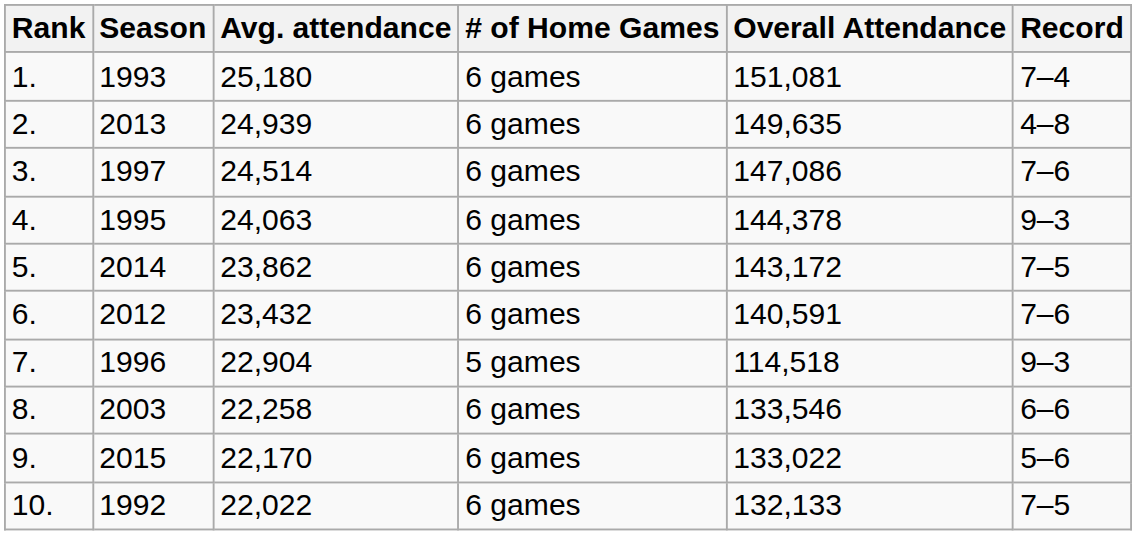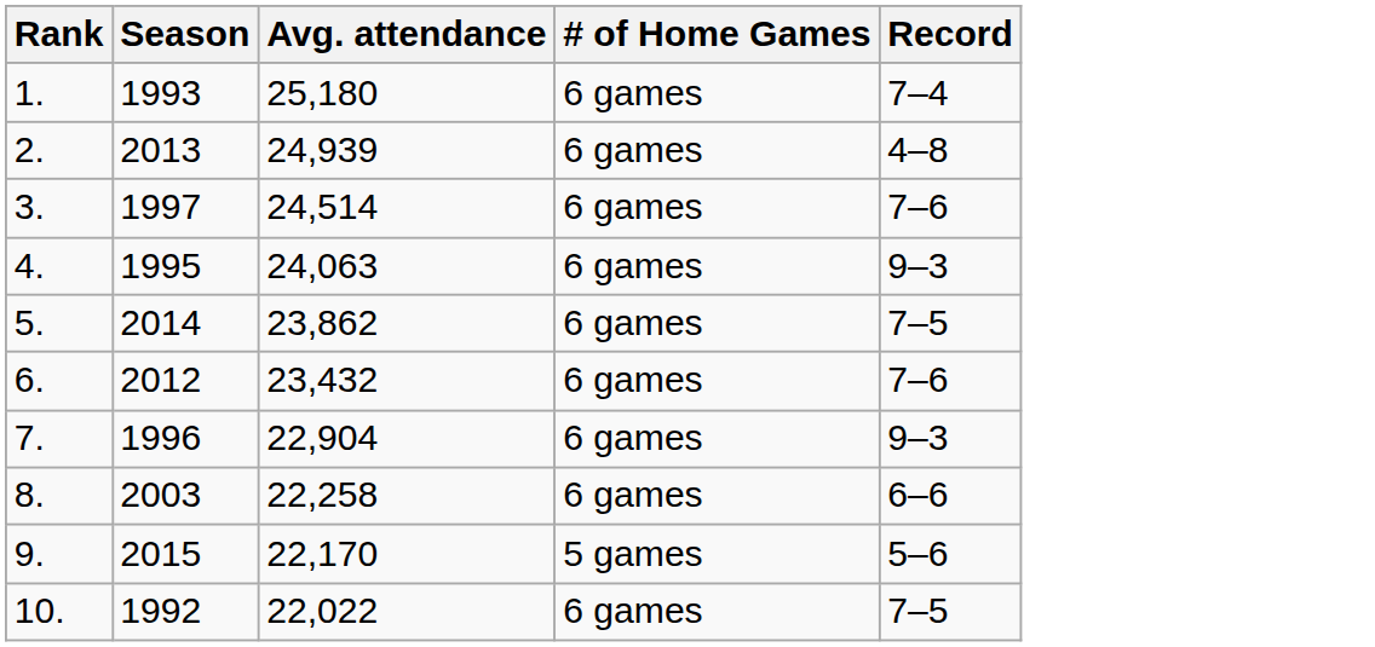 <table class="wikitable">
 <tr>
 <th>Rank</th>
 <th>Season</th>
 <th>Avg. attendance</th>
 <th># of Home Games</th>
-<th>Overall Attendance</th>
 <th>Record</th>
 </tr>
 <tr>
 <td>1.</td>
 <td>1993</td>
 <td>25,180</td>
 <td>6 games</td>
-<td>151,081</td>
 <td>7–4</td>
 </tr>
 <tr>
 <td>2.</td>
 <td>2013</td>
 <td>24,939</td>
 <td>6 games</td>
-<td>149,635</td>
 <td>4–8</td>
 </tr>
 <tr>
 <td>3.</td>
 <td>1997</td>
 <td>24,514</td>
 <td>6 games</td>
-<td>147,086</td>
 <td>7–6</td>
 </tr>
 <tr>
 <td>4.</td>
 <td>1995</td>
 <td>24,063</td>
 <td>6 games</td>
-<td>144,378</td>
 <td>9–3</td>
 </tr>
 <tr>
 <td>5.</td>
 <td>2014</td>
 <td>23,862</td>
 <td>6 games</td>
-<td>143,172</td>
 <td>7–5</td>
 </tr>
 <tr>
 <td>6.</td>
 <td>2012</td>
 <td>23,432</td>
 <td>6 games</td>
-<td>140,591</td>
 <td>7–6</td>
 </tr>
 <tr>
 <td>7.</td>
 <td>1996</td>
 <td>22,904</td>
-<td>5 games</td>
-<td>114,518</td>
+<td>6 games</td>
 <td>9–3</td>
 </tr>
 <tr>
 <td>8.</td>
 <td>2003</td>
 <td>22,258</td>
 <td>6 games</td>
-<td>133,546</td>
 <td>6–6</td>
 </tr>
 <tr>
 <td>9.</td>
 <td>2015</td>
 <td>22,170</td>
-<td>6 games</td>
-<td>133,022</td>
+<td>5 games</td>
 <td>5–6</td>
 </tr>
 <tr>
 <td>10.</td>
 <td>1992</td>
 <td>22,022</td>
 <td>6 games</td>
-<td>132,133</td>
 <td>7–5</td>
 </tr>
 </table>
